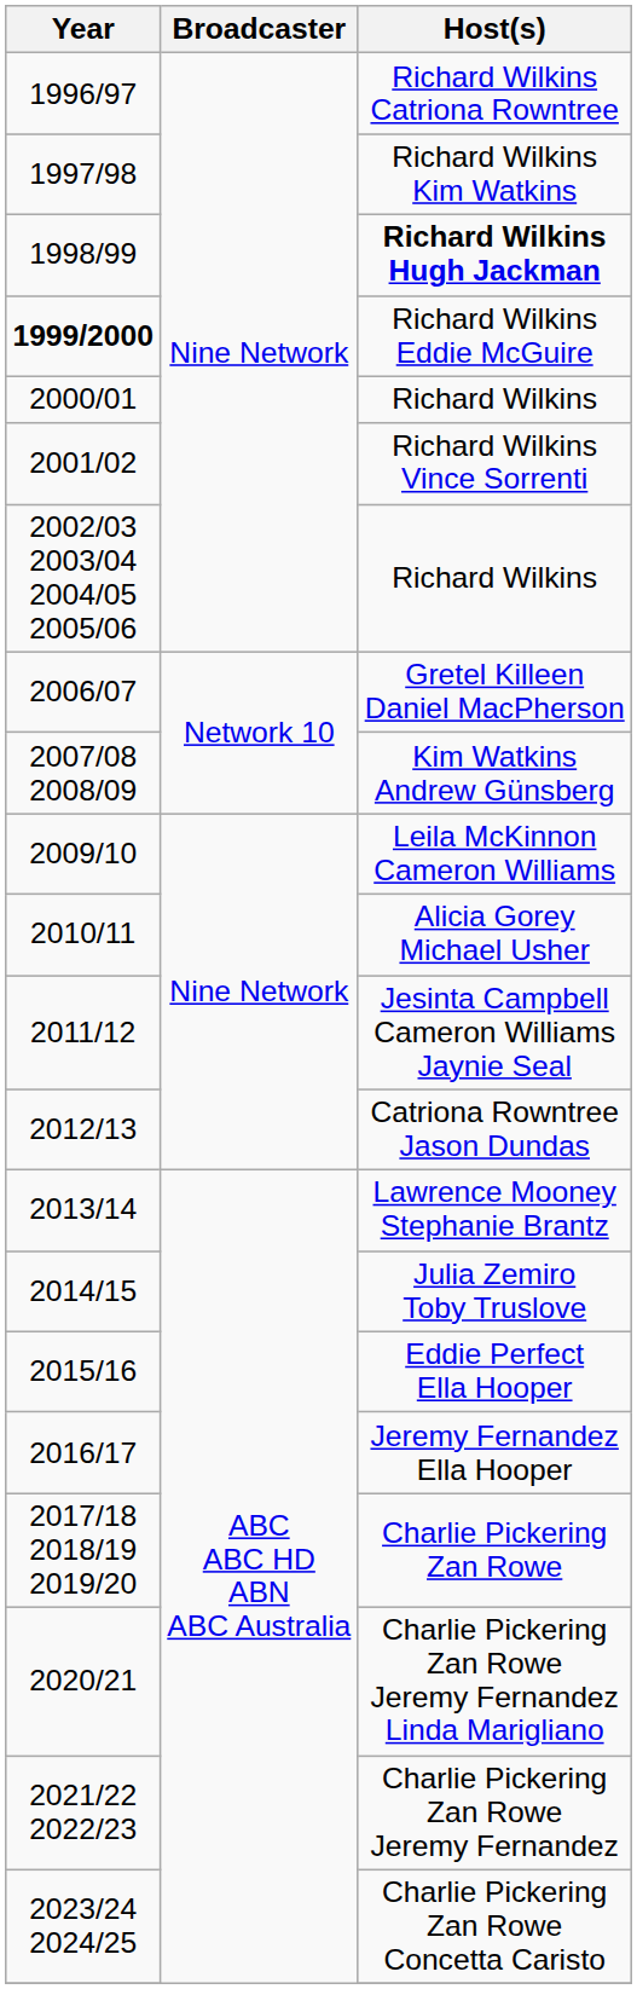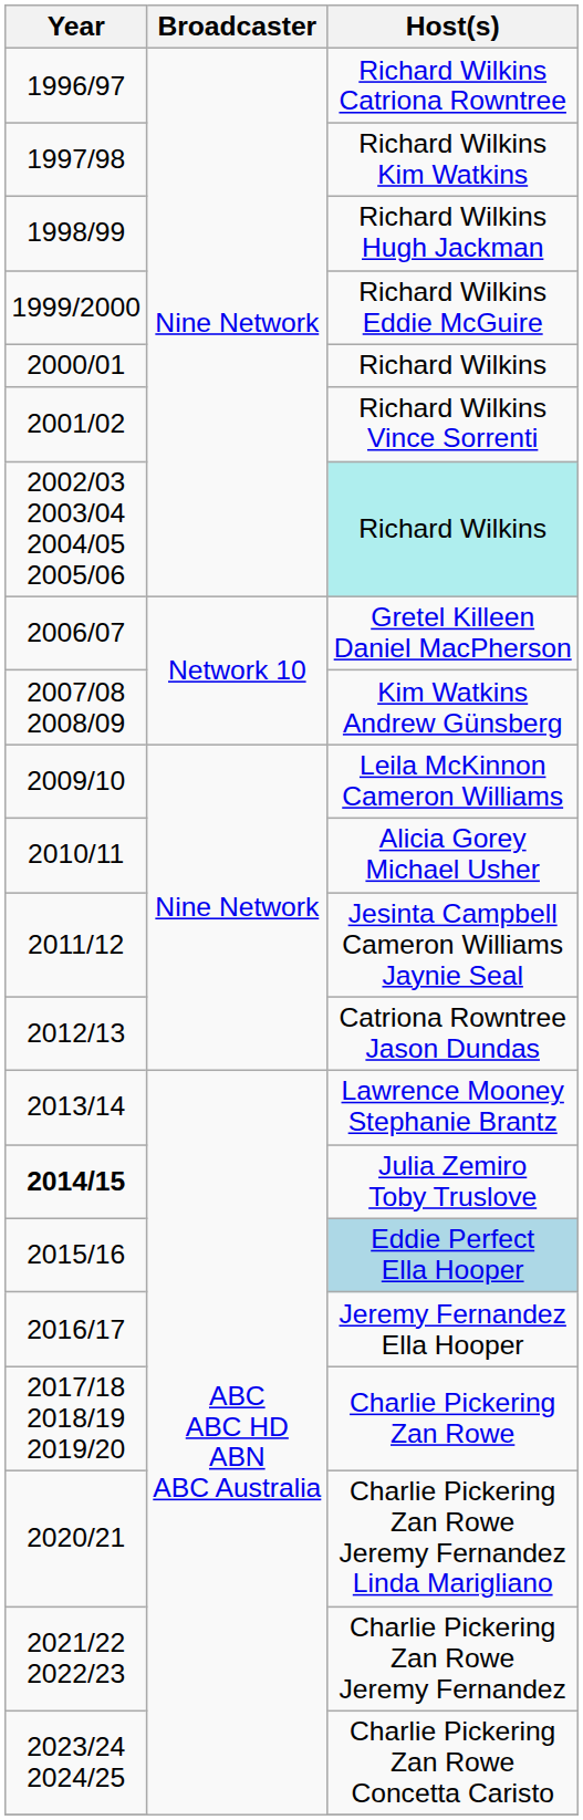 <table class="wikitable plainrowheaders" style="text-align:center">
 <tr>
 <th scope="col">Year</th>
 <th scope="col">Broadcaster</th>
 <th scope="col">Host(s)</th>
 </tr>
 <tr>
 <td scope="row">1996/97</td>
 <td rowspan="7"><a href='#'>Nine Network</a></td>
 <td><a href='#'>Richard Wilkins</a><br><a href='#'>Catriona Rowntree</a></td>
 </tr>
 <tr>
 <td scope="row">1997/98</td>
 <td>Richard Wilkins<br><a href='#'>Kim Watkins</a></td>
 </tr>
 <tr>
 <td scope="row">1998/99</td>
-<td><strong>Richard Wilkins<br><a href='#'>Hugh Jackman</a></strong></td>
+<td>Richard Wilkins<br><a href='#'>Hugh Jackman</a></td>
 </tr>
 <tr>
-<td scope="row"><strong>1999/2000</strong></td>
+<td scope="row">1999/2000</td>
 <td>Richard Wilkins<br><a href='#'>Eddie McGuire</a></td>
 </tr>
 <tr>
 <td scope="row">2000/01</td>
 <td>Richard Wilkins</td>
 </tr>
 <tr>
 <td scope="row">2001/02</td>
 <td>Richard Wilkins<br><a href='#'>Vince Sorrenti</a></td>
 </tr>
 <tr>
 <td scope="row">2002/03<br>2003/04<br>2004/05<br>2005/06</td>
-<td>Richard Wilkins</td>
+<td style="background: paleturquoise;">Richard Wilkins</td>
 </tr>
 <tr>
 <td scope="row">2006/07</td>
 <td rowspan="2"><a href='#'>Network 10</a></td>
 <td><a href='#'>Gretel Killeen</a><br><a href='#'>Daniel MacPherson</a></td>
 </tr>
 <tr>
 <td scope="row">2007/08<br>2008/09</td>
 <td><a href='#'>Kim Watkins</a><br><a href='#'>Andrew Günsberg</a></td>
 </tr>
 <tr>
 <td scope="row">2009/10</td>
 <td rowspan="4"><a href='#'>Nine Network</a></td>
 <td><a href='#'>Leila McKinnon</a><br><a href='#'>Cameron Williams</a></td>
 </tr>
 <tr>
 <td scope="row">2010/11</td>
 <td><a href='#'>Alicia Gorey</a><br><a href='#'>Michael Usher</a></td>
 </tr>
 <tr>
 <td scope="row">2011/12</td>
 <td><a href='#'>Jesinta Campbell</a><br>Cameron Williams<br><a href='#'>Jaynie Seal</a></td>
 </tr>
 <tr>
 <td scope="row">2012/13</td>
 <td>Catriona Rowntree<br><a href='#'>Jason Dundas</a></td>
 </tr>
 <tr>
 <td scope="row">2013/14</td>
 <td rowspan="9"><a href='#'>ABC</a><br><a href='#'>ABC HD</a><br><a href='#'>ABN</a><br><a href='#'>ABC Australia</a></td>
 <td><a href='#'>Lawrence Mooney</a><br><a href='#'>Stephanie Brantz</a></td>
 </tr>
 <tr>
-<td scope="row">2014/15</td>
+<td scope="row"><strong>2014/15</strong></td>
 <td><a href='#'>Julia Zemiro</a><br><a href='#'>Toby Truslove</a></td>
 </tr>
 <tr>
 <td scope="row">2015/16</td>
-<td><a href='#'>Eddie Perfect</a><br> <a href='#'>Ella Hooper</a></td>
+<td style="background: lightblue;"><a href='#'>Eddie Perfect</a><br> <a href='#'>Ella Hooper</a></td>
 </tr>
 <tr>
 <td scope="row">2016/17</td>
 <td><a href='#'>Jeremy Fernandez</a><br> Ella Hooper</td>
 </tr>
 <tr>
 <td scope="row">2017/18<br>2018/19<br>2019/20</td>
 <td><a href='#'>Charlie Pickering</a><br> <a href='#'>Zan Rowe</a></td>
 </tr>
 <tr>
 <td scope="row">2020/21</td>
 <td>Charlie Pickering<br> Zan Rowe<br> Jeremy Fernandez<br> <a href='#'>Linda Marigliano</a></td>
 </tr>
 <tr>
 <td scope="row">2021/22<br>2022/23</td>
 <td>Charlie Pickering<br> Zan Rowe<br> Jeremy Fernandez</td>
 </tr>
 <tr>
 <td scope="row">2023/24<br>2024/25</td>
 <td>Charlie Pickering<br> Zan Rowe<br> Concetta Caristo</td>
 </tr>
 <tr>
 </tr>
 </table>
